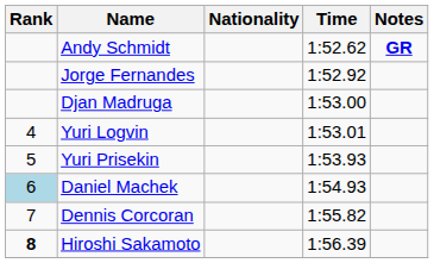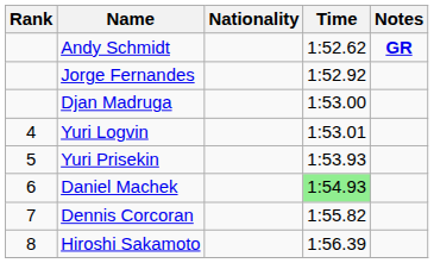 <table class="wikitable sortable" style="text-align:center">
 <tr>
 <th>Rank</th>
 <th>Name</th>
 <th>Nationality</th>
 <th>Time</th>
 <th>Notes</th>
 </tr>
 <tr>
 <td></td>
 <td align="left"><a href='#'>Andy Schmidt</a></td>
 <td align="left"></td>
 <td>1:52.62</td>
 <td><strong><a href='#'>GR</a></strong></td>
 </tr>
 <tr>
 <td></td>
 <td align="left"><a href='#'>Jorge Fernandes</a></td>
 <td align="left"></td>
 <td>1:52.92</td>
 <td></td>
 </tr>
 <tr>
 <td></td>
 <td align="left"><a href='#'>Djan Madruga</a></td>
 <td align="left"></td>
 <td>1:53.00</td>
 <td></td>
 </tr>
 <tr>
 <td>4</td>
 <td align="left"><a href='#'>Yuri Logvin</a></td>
 <td align="left"></td>
 <td>1:53.01</td>
 <td></td>
 </tr>
 <tr>
 <td>5</td>
 <td align="left"><a href='#'>Yuri Prisekin</a></td>
 <td align="left"></td>
 <td>1:53.93</td>
 <td></td>
 </tr>
 <tr>
-<td style="background: lightblue;">6</td>
+<td>6</td>
 <td align="left"><a href='#'>Daniel Machek</a></td>
 <td align="left"></td>
-<td>1:54.93</td>
+<td style="background: lightgreen;">1:54.93</td>
 <td></td>
 </tr>
 <tr>
 <td>7</td>
 <td align="left"><a href='#'>Dennis Corcoran</a></td>
 <td align="left"></td>
 <td>1:55.82</td>
 <td></td>
 </tr>
 <tr>
-<td><strong>8</strong></td>
+<td>8</td>
 <td align="left"><a href='#'>Hiroshi Sakamoto</a></td>
 <td align="left"></td>
 <td>1:56.39</td>
 <td></td>
 </tr>
 <tr>
 </tr>
 </table>
